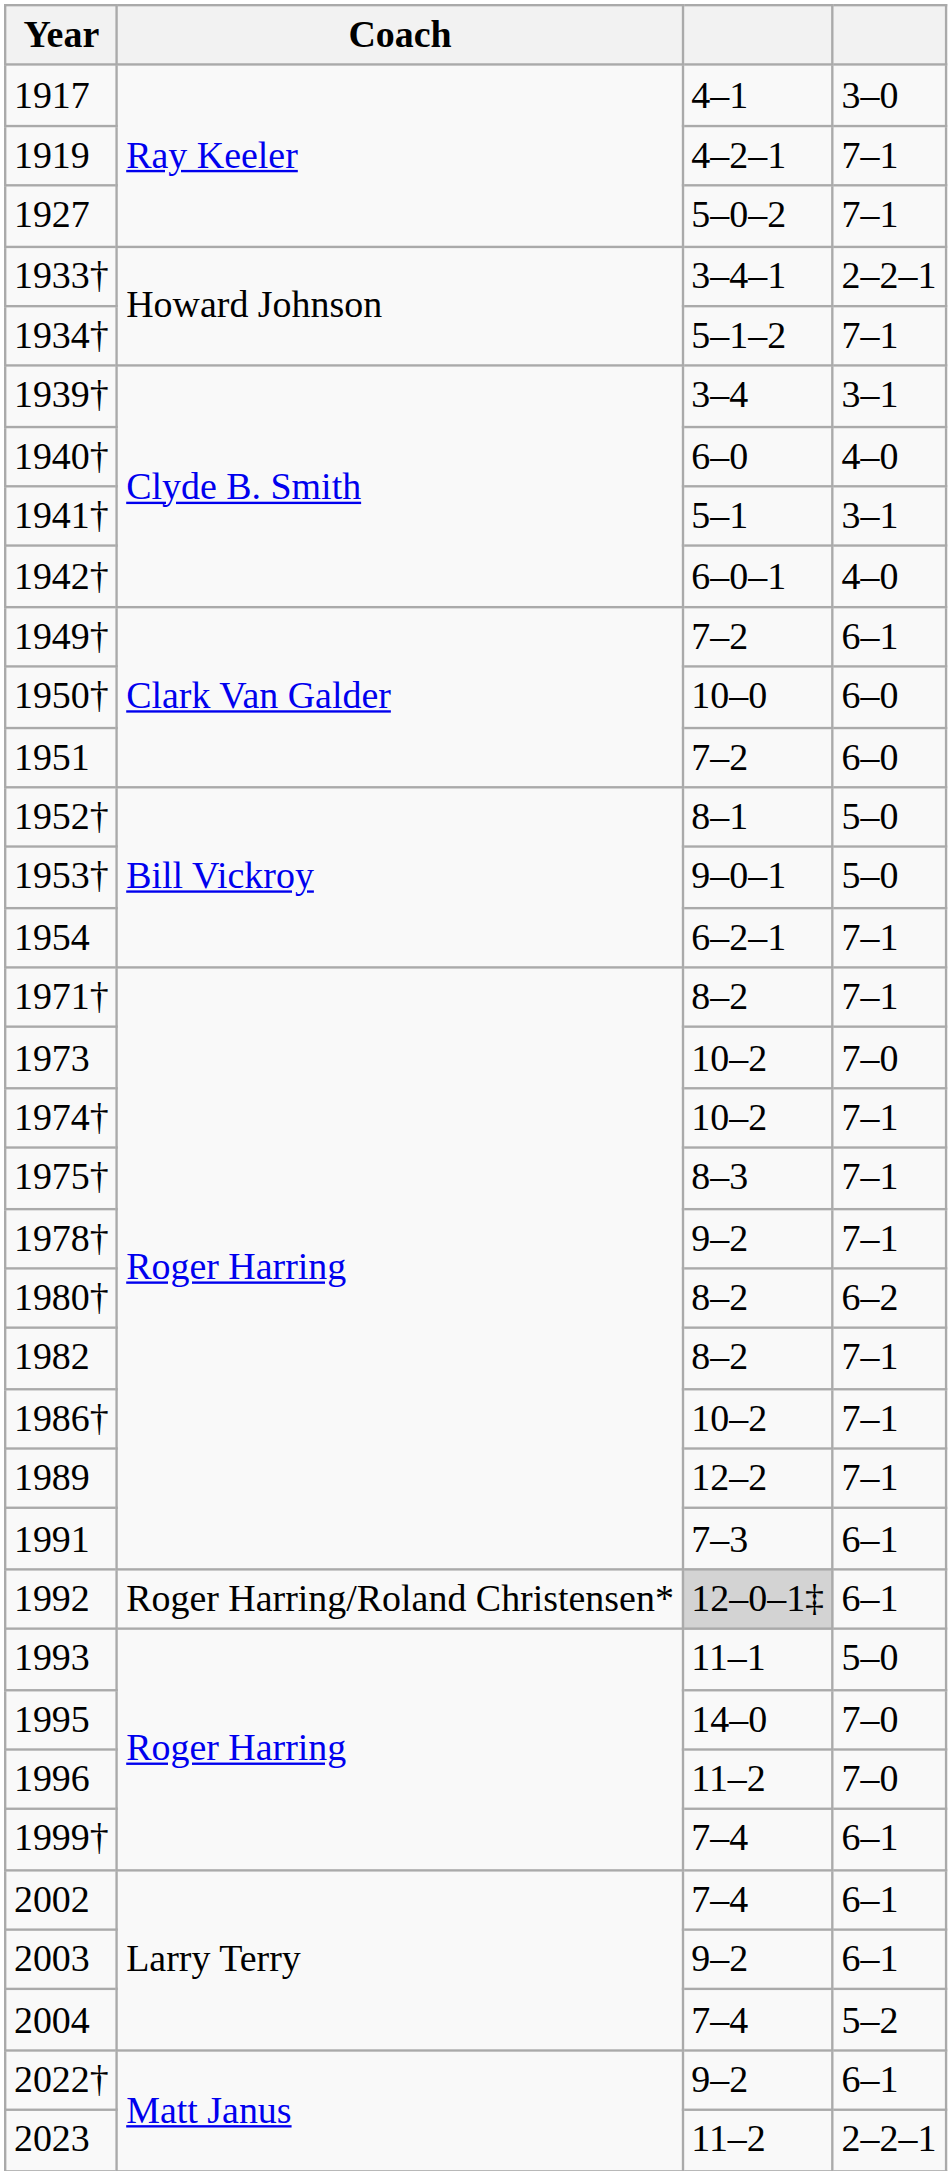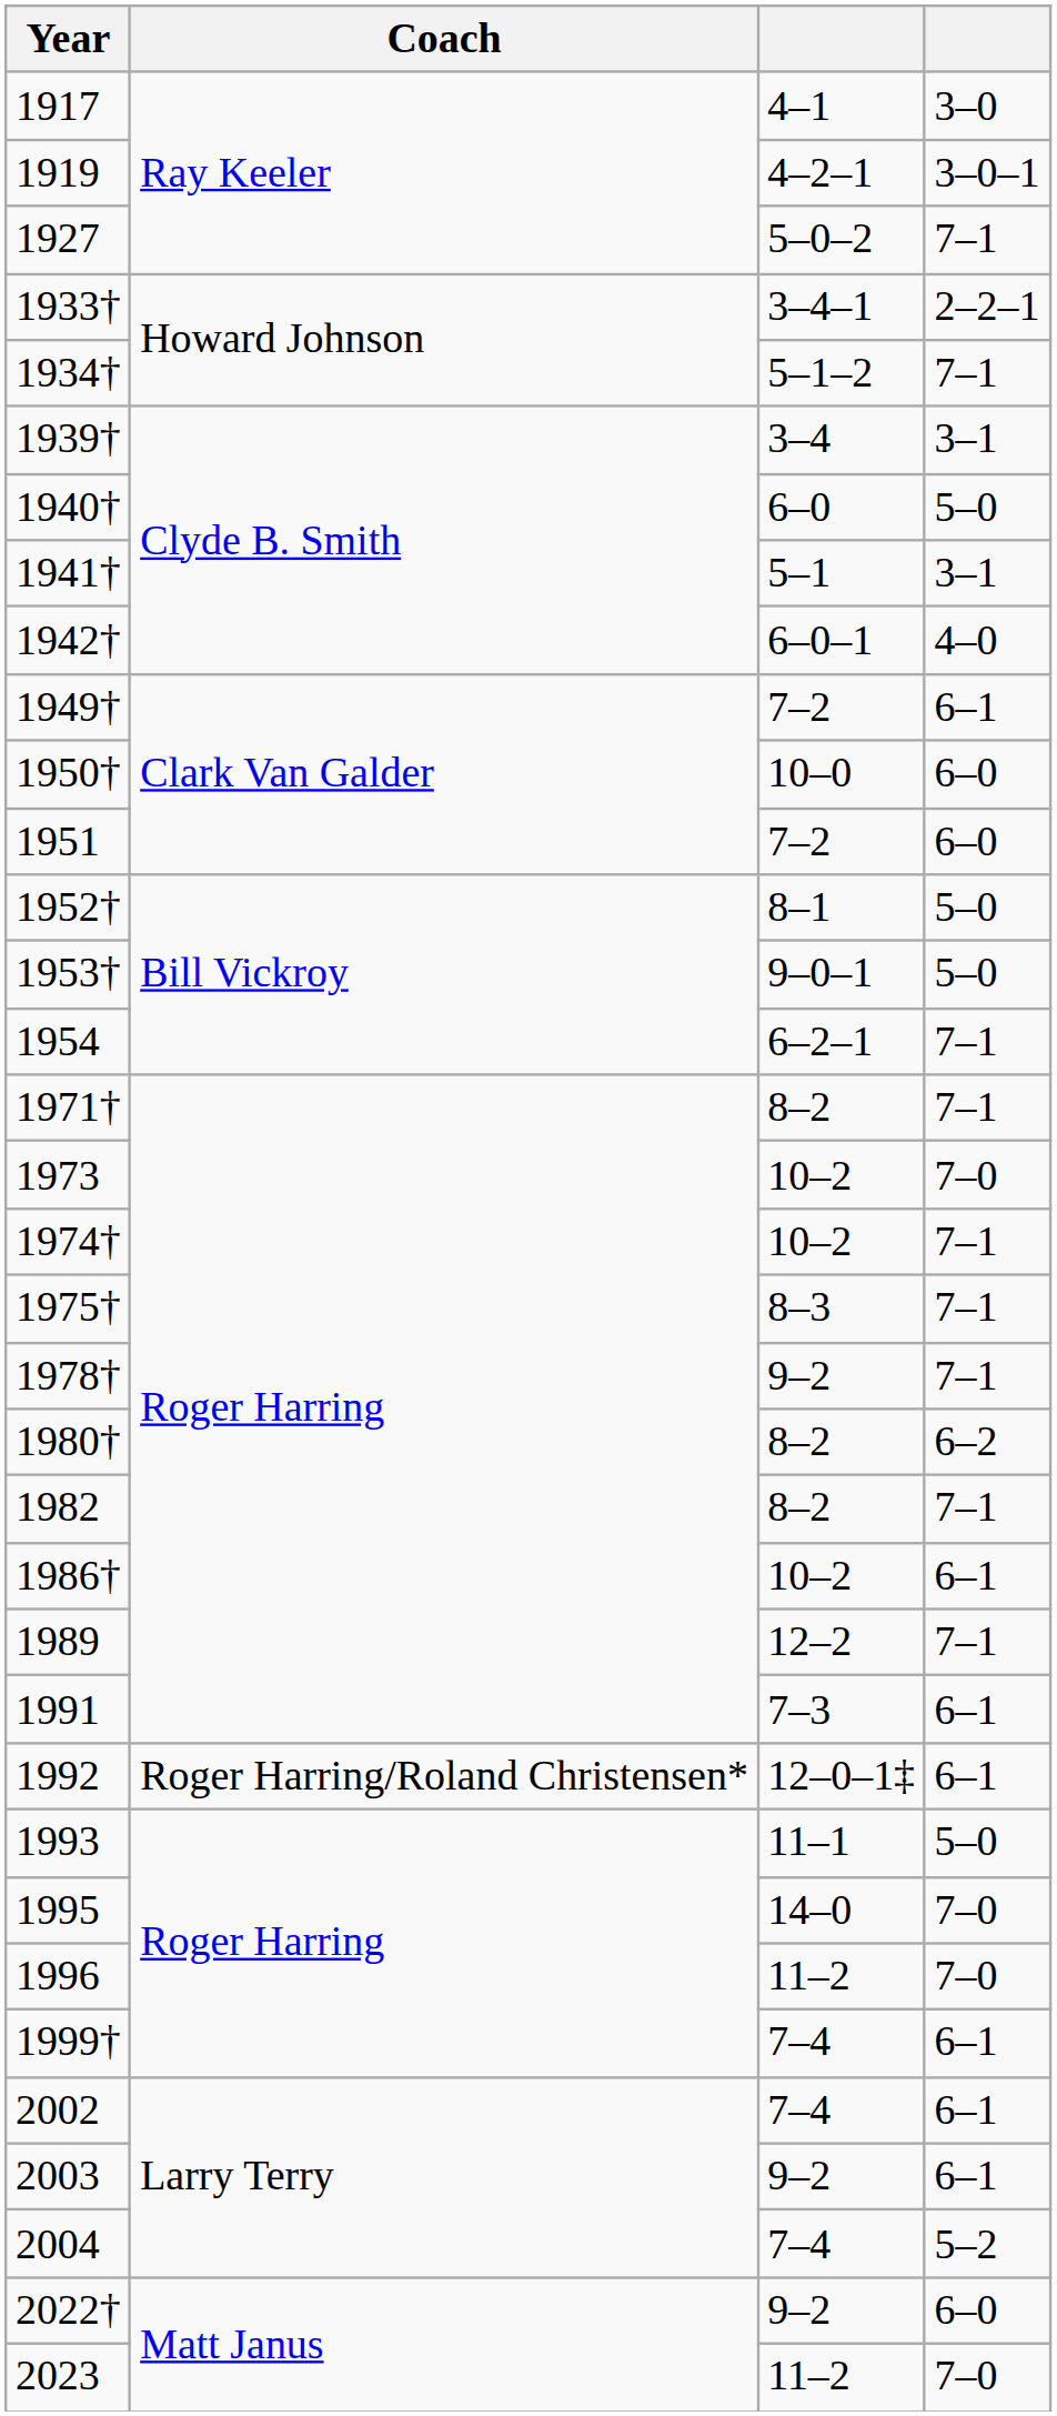 <table class="wikitable">
 <tr>
 <th width=px>Year</th>
 <th width=px>Coach</th>
 <th width=px></th>
 <th width=px></th>
 </tr>
 <tr>
 <td>1917</td>
 <td rowspan="3"><a href='#'>Ray Keeler</a></td>
 <td>4–1</td>
 <td>3–0</td>
 </tr>
 <tr>
 <td>1919</td>
 <td>4–2–1</td>
-<td>7–1</td>
+<td>3–0–1</td>
 </tr>
 <tr>
 <td>1927</td>
 <td>5–0–2</td>
 <td>7–1</td>
 </tr>
 <tr>
 <td>1933†</td>
 <td rowspan="2">Howard Johnson</td>
 <td>3–4–1</td>
 <td>2–2–1</td>
 </tr>
 <tr>
 <td>1934†</td>
 <td>5–1–2</td>
 <td>7–1</td>
 </tr>
 <tr>
 <td>1939†</td>
 <td rowspan="4"><a href='#'>Clyde B. Smith</a></td>
 <td>3–4</td>
 <td>3–1</td>
 </tr>
 <tr>
 <td>1940†</td>
 <td>6–0</td>
-<td>4–0</td>
+<td>5–0</td>
 </tr>
 <tr>
 <td>1941†</td>
 <td>5–1</td>
 <td>3–1</td>
 </tr>
 <tr>
 <td>1942†</td>
 <td>6–0–1</td>
 <td>4–0</td>
 </tr>
 <tr>
 <td>1949†</td>
 <td rowspan="3"><a href='#'>Clark Van Galder</a></td>
 <td>7–2</td>
 <td>6–1</td>
 </tr>
 <tr>
 <td>1950†</td>
 <td>10–0</td>
 <td>6–0</td>
 </tr>
 <tr>
 <td>1951</td>
 <td>7–2</td>
 <td>6–0</td>
 </tr>
 <tr>
 <td>1952†</td>
 <td rowspan="3"><a href='#'>Bill Vickroy</a></td>
 <td>8–1</td>
 <td>5–0</td>
 </tr>
 <tr>
 <td>1953†</td>
 <td>9–0–1</td>
 <td>5–0</td>
 </tr>
 <tr>
 <td>1954</td>
 <td>6–2–1</td>
 <td>7–1</td>
 </tr>
 <tr>
 <td>1971†</td>
 <td rowspan="10"><a href='#'>Roger Harring</a></td>
 <td>8–2</td>
 <td>7–1</td>
 </tr>
 <tr>
 <td>1973</td>
 <td>10–2</td>
 <td>7–0</td>
 </tr>
 <tr>
 <td>1974†</td>
 <td>10–2</td>
 <td>7–1</td>
 </tr>
 <tr>
 <td>1975†</td>
 <td>8–3</td>
 <td>7–1</td>
 </tr>
 <tr>
 <td>1978†</td>
 <td>9–2</td>
 <td>7–1</td>
 </tr>
 <tr>
 <td>1980†</td>
 <td>8–2</td>
 <td>6–2</td>
 </tr>
 <tr>
 <td>1982</td>
 <td>8–2</td>
 <td>7–1</td>
 </tr>
 <tr>
 <td>1986†</td>
 <td>10–2</td>
-<td>7–1</td>
+<td>6–1</td>
 </tr>
 <tr>
 <td>1989</td>
 <td>12–2</td>
 <td>7–1</td>
 </tr>
 <tr>
 <td>1991</td>
 <td>7–3</td>
 <td>6–1</td>
 </tr>
 <tr>
 <td>1992</td>
 <td>Roger Harring/Roland Christensen*</td>
-<td style="background: lightgrey;">12–0–1‡</td>
+<td>12–0–1‡</td>
 <td>6–1</td>
 </tr>
 <tr>
 <td>1993</td>
 <td rowspan="4"><a href='#'>Roger Harring</a></td>
 <td>11–1</td>
 <td>5–0</td>
 </tr>
 <tr>
 <td>1995</td>
 <td>14–0</td>
 <td>7–0</td>
 </tr>
 <tr>
 <td>1996</td>
 <td>11–2</td>
 <td>7–0</td>
 </tr>
 <tr>
 <td>1999†</td>
 <td>7–4</td>
 <td>6–1</td>
 </tr>
 <tr>
 <td>2002</td>
 <td rowspan="3">Larry Terry</td>
 <td>7–4</td>
 <td>6–1</td>
 </tr>
 <tr>
 <td>2003</td>
 <td>9–2</td>
 <td>6–1</td>
 </tr>
 <tr>
 <td>2004</td>
 <td>7–4</td>
 <td>5–2</td>
 </tr>
 <tr>
 <td>2022†</td>
 <td rowspan="2"><a href='#'>Matt Janus</a></td>
 <td>9–2</td>
-<td>6–1</td>
+<td>6–0</td>
 </tr>
 <tr>
 <td>2023</td>
 <td>11–2</td>
-<td>2–2–1</td>
+<td>7–0</td>
 </tr>
 </table>
